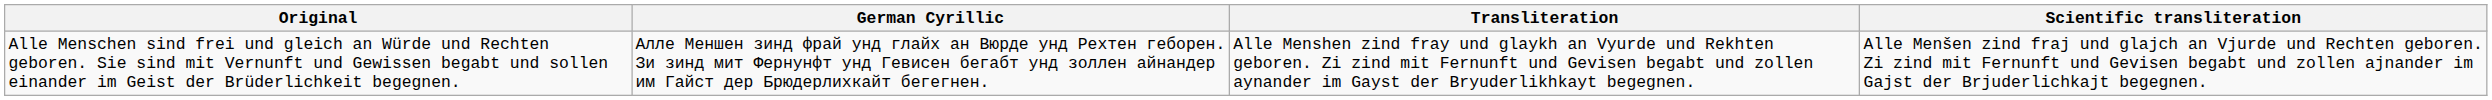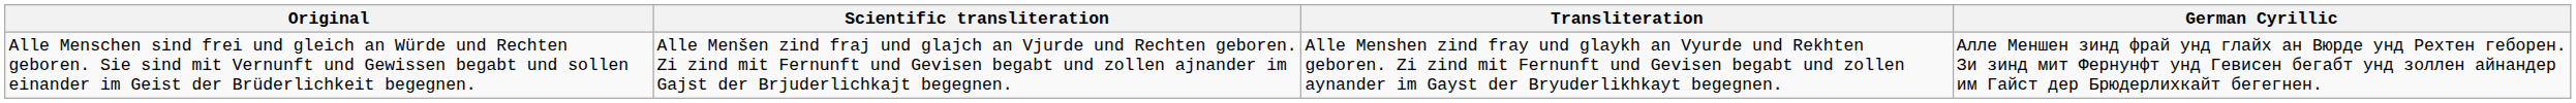 <table class="wikitable">
 <tr>
 <th>Original</th>
+<th>Scientific transliteration</th>
+<th>Transliteration</th>
 <th>German Cyrillic</th>
-<th>Transliteration</th>
-<th>Scientific transliteration</th>
 </tr>
 <tr>
 <td>Alle Menschen sind frei und gleich an Würde und Rechten geboren. Sie sind mit Vernunft und Gewissen begabt und sollen einander im Geist der Brüderlichkeit begegnen.</td>
+<td>Alle Menšen zind fraj und glajch an Vjurde und Rechten geboren. Zi zind mit Fernunft und Gevisen begabt und zollen ajnander im Gajst der Brjuderlichkajt begegnen.</td>
+<td>Alle Menshen zind fray und glaykh an Vyurde und Rekhten geboren. Zi zind mit Fernunft und Gevisen begabt und zollen aynander im Gayst der Bryuderlikhkayt begegnen.</td>
 <td>Алле Меншен зинд фрай унд глайх ан Вюрде унд Рехтен геборен. Зи зинд мит Фернунфт унд Гевисен бегабт унд золлен айнандер им Гайст дер Брюдерлихкайт бегегнен.</td>
-<td>Alle Menshen zind fray und glaykh an Vyurde und Rekhten geboren. Zi zind mit Fernunft und Gevisen begabt und zollen aynander im Gayst der Bryuderlikhkayt begegnen.</td>
-<td>Alle Menšen zind fraj und glajch an Vjurde und Rechten geboren. Zi zind mit Fernunft und Gevisen begabt und zollen ajnander im Gajst der Brjuderlichkajt begegnen.</td>
 </tr>
 </table>
